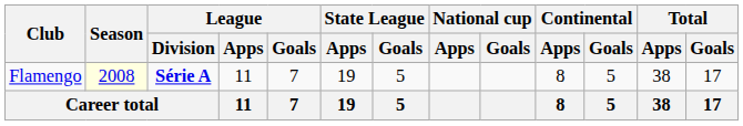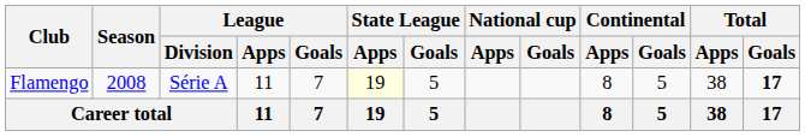 <table class="wikitable" style="text-align:center">
 <tr>
 <th rowspan="2">Club</th>
 <th rowspan="2">Season</th>
 <th colspan="3">League</th>
 <th colspan="2">State League</th>
 <th colspan="2">National cup</th>
 <th colspan="2">Continental</th>
 <th colspan="2">Total</th>
 </tr>
 <tr>
 <th>Division</th>
 <th>Apps</th>
 <th>Goals</th>
 <th>Apps</th>
 <th>Goals</th>
 <th>Apps</th>
 <th>Goals</th>
 <th>Apps</th>
 <th>Goals</th>
 <th>Apps</th>
 <th>Goals</th>
 </tr>
 <tr>
 <td><a href='#'>Flamengo</a></td>
-<td style="background: lightyellow;"><a href='#'>2008</a></td>
-<td><strong><a href='#'>Série A</a></strong></td>
+<td><a href='#'>2008</a></td>
+<td><a href='#'>Série A</a></td>
 <td>11</td>
 <td>7</td>
-<td>19</td>
+<td style="background: lightyellow;">19</td>
 <td>5</td>
 <td></td>
 <td></td>
 <td>8</td>
 <td>5</td>
 <td>38</td>
-<td>17</td>
+<td><strong>17</strong></td>
 </tr>
 <tr>
 <th colspan="3">Career total</th>
 <th>11</th>
 <th>7</th>
 <th>19</th>
 <th>5</th>
 <th></th>
 <th></th>
 <th>8</th>
 <th>5</th>
 <th>38</th>
 <th>17</th>
 </tr>
 </table>
